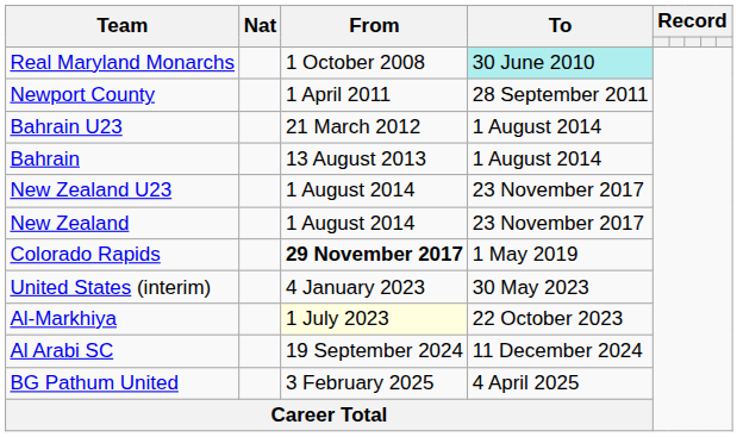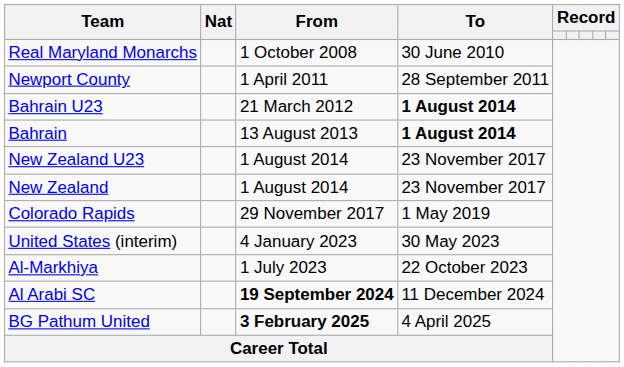 <table class="wikitable" style="text-align:center">
 <tr>
 <th rowspan="2">Team</th>
 <th rowspan="2">Nat</th>
 <th rowspan="2">From</th>
 <th rowspan="2">To</th>
 <th colspan="5">Record</th>
 </tr>
 <tr>
 <th></th>
 <th></th>
 <th></th>
 <th></th>
 <th></th>
 </tr>
 <tr>
 <td align=left><a href='#'>Real Maryland Monarchs</a></td>
 <td></td>
 <td align=left>1 October 2008</td>
-<td align=left style="background: paleturquoise;">30 June 2010<br></td>
+<td align=left>30 June 2010<br></td>
 </tr>
 <tr>
 <td align=left><a href='#'>Newport County</a></td>
 <td></td>
 <td align=left>1 April 2011</td>
 <td align=left>28 September 2011<br></td>
 </tr>
 <tr>
 <td align=left><a href='#'>Bahrain U23</a></td>
 <td></td>
 <td align=left>21 March 2012</td>
-<td align=left>1 August 2014<br></td>
+<td align=left><strong>1 August 2014<br></strong></td>
 </tr>
 <tr>
 <td align=left><a href='#'>Bahrain</a></td>
 <td></td>
 <td align=left>13 August 2013</td>
-<td align=left>1 August 2014<br></td>
+<td align=left><strong>1 August 2014<br></strong></td>
 </tr>
 <tr>
 <td align="left"><a href='#'>New Zealand U23</a></td>
 <td></td>
 <td align="left">1 August 2014</td>
 <td align="left">23 November 2017<br></td>
 </tr>
 <tr>
 <td align="left"><a href='#'>New Zealand</a></td>
 <td></td>
 <td align="left">1 August 2014</td>
 <td align="left">23 November 2017<br></td>
 </tr>
 <tr>
 <td align="left"><a href='#'>Colorado Rapids</a></td>
 <td></td>
-<td align="left"><strong>29 November 2017</strong></td>
+<td align="left">29 November 2017</td>
 <td align="left">1 May 2019<br></td>
 </tr>
 <tr>
 <td align="left"><a href='#'>United States</a> (interim)</td>
 <td></td>
 <td align="left">4 January 2023</td>
 <td align="left">30 May 2023<br></td>
 </tr>
 <tr>
 <td align="left"><a href='#'>Al-Markhiya</a></td>
 <td></td>
-<td align="left" style="background: lightyellow;">1 July 2023</td>
+<td align="left">1 July 2023</td>
 <td align="left">22 October 2023<br></td>
 </tr>
 <tr>
 <td align="left"><a href='#'>Al Arabi SC</a></td>
 <td></td>
-<td align="left">19 September 2024</td>
+<td align="left"><strong>19 September 2024</strong></td>
 <td align="left">11 December 2024<br></td>
 </tr>
 <tr>
 <td align="left"><a href='#'>BG Pathum United</a></td>
 <td></td>
-<td align="left">3 February 2025</td>
+<td align="left"><strong>3 February 2025</strong></td>
 <td align="left">4 April 2025<br></td>
 </tr>
 <tr>
 <th colspan="4">Career Total<br></th>
 </tr>
 </table>
